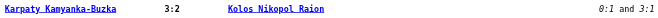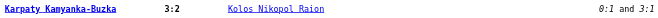 <table width=100% cellspacing=1>
 <tr>
 <th width=20%></th>
 <th width=12%></th>
 <th width=20%></th>
 <th></th>
 </tr>
 <tr style=font-size:90%>
 <td align=right><strong><a href='#'>Karpaty Kamyanka-Buzka</a></strong></td>
 <td align=center><strong>3:2</strong></td>
-<td><strong><a href='#'>Kolos Nikopol Raion</a></strong></td>
+<td><a href='#'>Kolos Nikopol Raion</a></td>
 <td align=center><em>0:1</em> and <em>3:1</em></td>
 </tr>
 </table>
